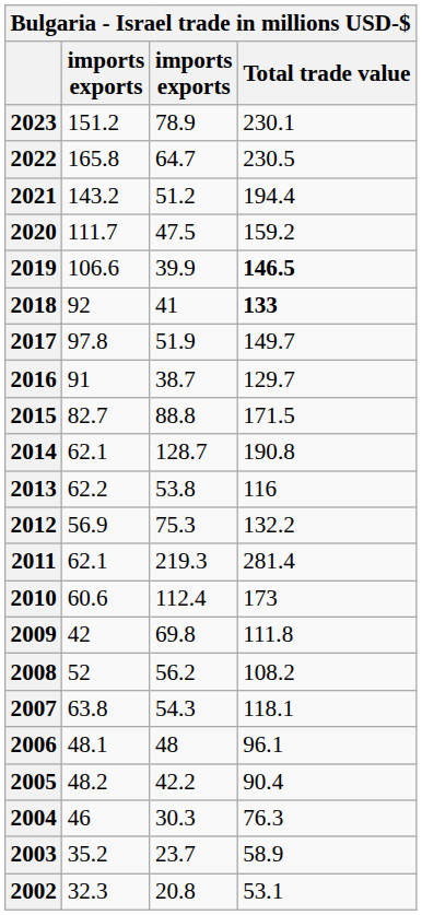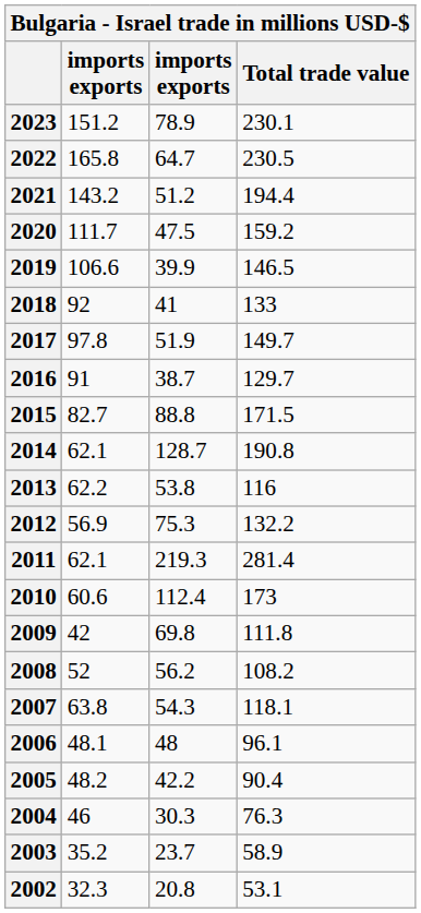 <table class="wikitable mw-collapsible mw-collapsed">
 <tr>
 <th colspan="4">Bulgaria - Israel trade in millions USD-$</th>
 </tr>
 <tr>
 <th></th>
 <th> imports<br> exports</th>
 <th> imports<br> exports</th>
 <th>Total trade value</th>
 </tr>
 <tr>
 <th>2023</th>
 <td>151.2</td>
 <td>78.9</td>
 <td>230.1</td>
 </tr>
 <tr>
 <th>2022</th>
 <td>165.8</td>
 <td>64.7</td>
 <td>230.5</td>
 </tr>
 <tr>
 <th>2021</th>
 <td>143.2</td>
 <td>51.2</td>
 <td>194.4</td>
 </tr>
 <tr>
 <th>2020</th>
 <td>111.7</td>
 <td>47.5</td>
 <td>159.2</td>
 </tr>
 <tr>
 <th>2019</th>
 <td>106.6</td>
 <td>39.9</td>
-<td><strong>146.5</strong></td>
+<td>146.5</td>
 </tr>
 <tr>
 <th>2018</th>
 <td>92</td>
 <td>41</td>
-<td><strong>133</strong></td>
+<td>133</td>
 </tr>
 <tr>
 <th>2017</th>
 <td>97.8</td>
 <td>51.9</td>
 <td>149.7</td>
 </tr>
 <tr>
 <th>2016</th>
 <td>91</td>
 <td>38.7</td>
 <td>129.7</td>
 </tr>
 <tr>
 <th>2015</th>
 <td>82.7</td>
 <td>88.8</td>
 <td>171.5</td>
 </tr>
 <tr>
 <th>2014</th>
 <td>62.1</td>
 <td>128.7</td>
 <td>190.8</td>
 </tr>
 <tr>
 <th>2013</th>
 <td>62.2</td>
 <td>53.8</td>
 <td>116</td>
 </tr>
 <tr>
 <th>2012</th>
 <td>56.9</td>
 <td>75.3</td>
 <td>132.2</td>
 </tr>
 <tr>
 <th>2011</th>
 <td>62.1</td>
 <td>219.3</td>
 <td>281.4</td>
 </tr>
 <tr>
 <th>2010</th>
 <td>60.6</td>
 <td>112.4</td>
 <td>173</td>
 </tr>
 <tr>
 <th>2009</th>
 <td>42</td>
 <td>69.8</td>
 <td>111.8</td>
 </tr>
 <tr>
 <th>2008</th>
 <td>52</td>
 <td>56.2</td>
 <td>108.2</td>
 </tr>
 <tr>
 <th>2007</th>
 <td>63.8</td>
 <td>54.3</td>
 <td>118.1</td>
 </tr>
 <tr>
 <th>2006</th>
 <td>48.1</td>
 <td>48</td>
 <td>96.1</td>
 </tr>
 <tr>
 <th>2005</th>
 <td>48.2</td>
 <td>42.2</td>
 <td>90.4</td>
 </tr>
 <tr>
 <th>2004</th>
 <td>46</td>
 <td>30.3</td>
 <td>76.3</td>
 </tr>
 <tr>
 <th>2003</th>
 <td>35.2</td>
 <td>23.7</td>
 <td>58.9</td>
 </tr>
 <tr>
 <th>2002</th>
 <td>32.3</td>
 <td>20.8</td>
 <td>53.1</td>
 </tr>
 </table>
